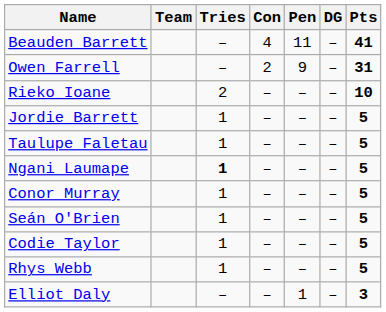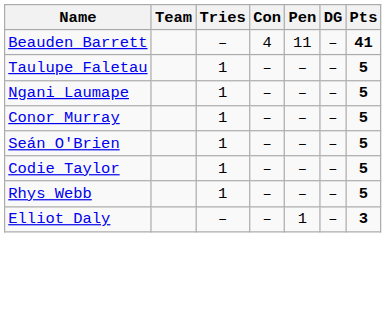 <table class="wikitable" style="text-align:center">
 <tr>
 <th>Name</th>
 <th>Team</th>
 <th>Tries</th>
 <th>Con</th>
 <th>Pen</th>
 <th>DG</th>
 <th>Pts</th>
 </tr>
 <tr>
 <td style="text-align:left;"><a href='#'>Beauden Barrett</a></td>
 <td style="text-align:left;"></td>
 <td>–</td>
 <td>4</td>
 <td>11</td>
 <td>–</td>
 <td><strong>41</strong></td>
 </tr>
 <tr>
-<td style="text-align:left;"><a href='#'>Owen Farrell</a></td>
-<td style="text-align:left;"></td>
-<td>–</td>
-<td>2</td>
-<td>9</td>
-<td>–</td>
-<td><strong>31</strong></td>
-</tr>
-<tr>
-<td style="text-align:left;"><a href='#'>Rieko Ioane</a></td>
-<td style="text-align:left;"></td>
-<td>2</td>
-<td>–</td>
-<td>–</td>
-<td>–</td>
-<td><strong>10</strong></td>
-</tr>
-<tr>
-<td style="text-align:left;"><a href='#'>Jordie Barrett</a></td>
-<td style="text-align:left;"></td>
-<td>1</td>
-<td>–</td>
-<td>–</td>
-<td>–</td>
-<td><strong>5</strong></td>
-</tr>
-<tr>
 <td style="text-align:left;"><a href='#'>Taulupe Faletau</a></td>
 <td style="text-align:left;"></td>
 <td>1</td>
 <td>–</td>
 <td>–</td>
 <td>–</td>
 <td><strong>5</strong></td>
 </tr>
 <tr>
 <td style="text-align:left;"><a href='#'>Ngani Laumape</a></td>
 <td style="text-align:left;"></td>
-<td><strong>1</strong></td>
+<td>1</td>
 <td>–</td>
 <td>–</td>
 <td>–</td>
 <td><strong>5</strong></td>
 </tr>
 <tr>
 <td style="text-align:left;"><a href='#'>Conor Murray</a></td>
 <td style="text-align:left;"></td>
 <td>1</td>
 <td>–</td>
 <td>–</td>
 <td>–</td>
 <td><strong>5</strong></td>
 </tr>
 <tr>
 <td style="text-align:left;"><a href='#'>Seán O'Brien</a></td>
 <td style="text-align:left;"></td>
 <td>1</td>
 <td>–</td>
 <td>–</td>
 <td>–</td>
 <td><strong>5</strong></td>
 </tr>
 <tr>
 <td style="text-align:left;"><a href='#'>Codie Taylor</a></td>
 <td style="text-align:left;"></td>
 <td>1</td>
 <td>–</td>
 <td>–</td>
 <td>–</td>
 <td><strong>5</strong></td>
 </tr>
 <tr>
 <td style="text-align:left;"><a href='#'>Rhys Webb</a></td>
 <td style="text-align:left;"></td>
 <td>1</td>
 <td>–</td>
 <td>–</td>
 <td>–</td>
 <td><strong>5</strong></td>
 </tr>
 <tr>
 <td style="text-align:left;"><a href='#'>Elliot Daly</a></td>
 <td style="text-align:left;"></td>
 <td>–</td>
 <td>–</td>
 <td>1</td>
 <td>–</td>
 <td><strong>3</strong></td>
 </tr>
 </table>
